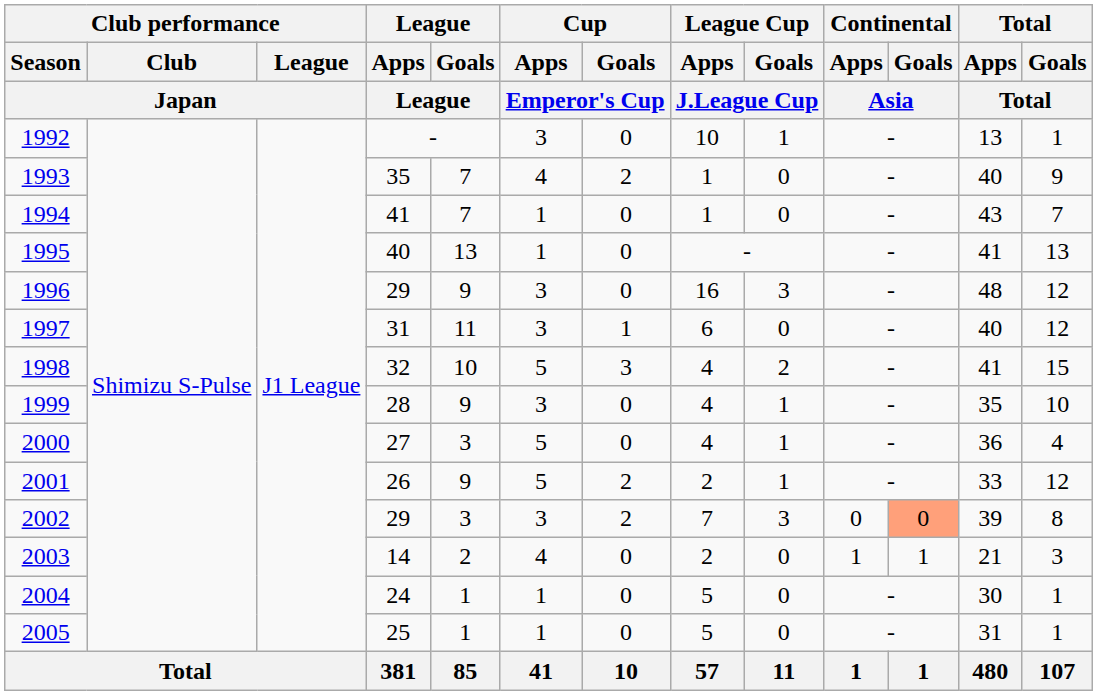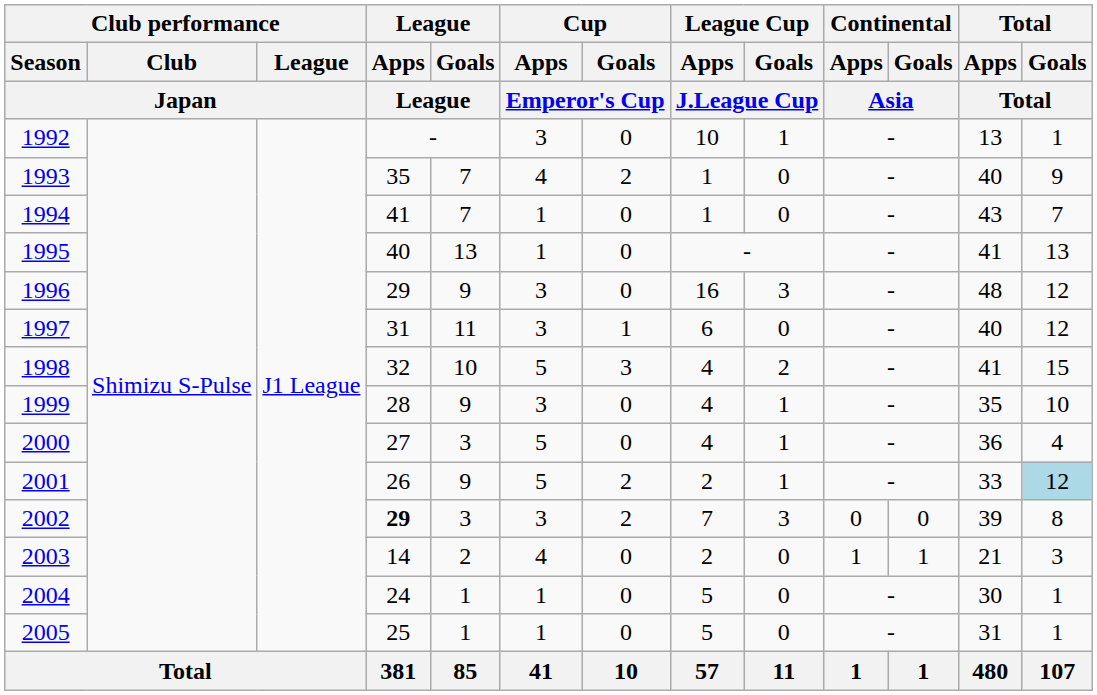 <table class="wikitable" style="text-align:center;">
 <tr>
 <th colspan=3>Club performance</th>
 <th colspan=2>League</th>
 <th colspan=2>Cup</th>
 <th colspan=2>League Cup</th>
 <th colspan=2>Continental</th>
 <th colspan=2>Total</th>
 </tr>
 <tr>
 <th>Season</th>
 <th>Club</th>
 <th>League</th>
 <th>Apps</th>
 <th>Goals</th>
 <th>Apps</th>
 <th>Goals</th>
 <th>Apps</th>
 <th>Goals</th>
 <th>Apps</th>
 <th>Goals</th>
 <th>Apps</th>
 <th>Goals</th>
 </tr>
 <tr>
 <th colspan=3>Japan</th>
 <th colspan=2>League</th>
 <th colspan=2><a href='#'>Emperor's Cup</a></th>
 <th colspan=2><a href='#'>J.League Cup</a></th>
 <th colspan=2><a href='#'>Asia</a></th>
 <th colspan=2>Total</th>
 </tr>
 <tr>
 <td><a href='#'>1992</a></td>
 <td rowspan="14"><a href='#'>Shimizu S-Pulse</a></td>
 <td rowspan="14"><a href='#'>J1 League</a></td>
 <td colspan="2">-</td>
 <td>3</td>
 <td>0</td>
 <td>10</td>
 <td>1</td>
 <td colspan="2">-</td>
 <td>13</td>
 <td>1</td>
 </tr>
 <tr>
 <td><a href='#'>1993</a></td>
 <td>35</td>
 <td>7</td>
 <td>4</td>
 <td>2</td>
 <td>1</td>
 <td>0</td>
 <td colspan="2">-</td>
 <td>40</td>
 <td>9</td>
 </tr>
 <tr>
 <td><a href='#'>1994</a></td>
 <td>41</td>
 <td>7</td>
 <td>1</td>
 <td>0</td>
 <td>1</td>
 <td>0</td>
 <td colspan="2">-</td>
 <td>43</td>
 <td>7</td>
 </tr>
 <tr>
 <td><a href='#'>1995</a></td>
 <td>40</td>
 <td>13</td>
 <td>1</td>
 <td>0</td>
 <td colspan="2">-</td>
 <td colspan="2">-</td>
 <td>41</td>
 <td>13</td>
 </tr>
 <tr>
 <td><a href='#'>1996</a></td>
 <td>29</td>
 <td>9</td>
 <td>3</td>
 <td>0</td>
 <td>16</td>
 <td>3</td>
 <td colspan="2">-</td>
 <td>48</td>
 <td>12</td>
 </tr>
 <tr>
 <td><a href='#'>1997</a></td>
 <td>31</td>
 <td>11</td>
 <td>3</td>
 <td>1</td>
 <td>6</td>
 <td>0</td>
 <td colspan="2">-</td>
 <td>40</td>
 <td>12</td>
 </tr>
 <tr>
 <td><a href='#'>1998</a></td>
 <td>32</td>
 <td>10</td>
 <td>5</td>
 <td>3</td>
 <td>4</td>
 <td>2</td>
 <td colspan="2">-</td>
 <td>41</td>
 <td>15</td>
 </tr>
 <tr>
 <td><a href='#'>1999</a></td>
 <td>28</td>
 <td>9</td>
 <td>3</td>
 <td>0</td>
 <td>4</td>
 <td>1</td>
 <td colspan="2">-</td>
 <td>35</td>
 <td>10</td>
 </tr>
 <tr>
 <td><a href='#'>2000</a></td>
 <td>27</td>
 <td>3</td>
 <td>5</td>
 <td>0</td>
 <td>4</td>
 <td>1</td>
 <td colspan="2">-</td>
 <td>36</td>
 <td>4</td>
 </tr>
 <tr>
 <td><a href='#'>2001</a></td>
 <td>26</td>
 <td>9</td>
 <td>5</td>
 <td>2</td>
 <td>2</td>
 <td>1</td>
 <td colspan="2">-</td>
 <td>33</td>
-<td>12</td>
+<td style="background: lightblue;">12</td>
 </tr>
 <tr>
 <td><a href='#'>2002</a></td>
-<td>29</td>
+<td><strong>29</strong></td>
 <td>3</td>
 <td>3</td>
 <td>2</td>
 <td>7</td>
 <td>3</td>
 <td>0</td>
-<td style="background: lightsalmon;">0</td>
+<td>0</td>
 <td>39</td>
 <td>8</td>
 </tr>
 <tr>
 <td><a href='#'>2003</a></td>
 <td>14</td>
 <td>2</td>
 <td>4</td>
 <td>0</td>
 <td>2</td>
 <td>0</td>
 <td>1</td>
 <td>1</td>
 <td>21</td>
 <td>3</td>
 </tr>
 <tr>
 <td><a href='#'>2004</a></td>
 <td>24</td>
 <td>1</td>
 <td>1</td>
 <td>0</td>
 <td>5</td>
 <td>0</td>
 <td colspan="2">-</td>
 <td>30</td>
 <td>1</td>
 </tr>
 <tr>
 <td><a href='#'>2005</a></td>
 <td>25</td>
 <td>1</td>
 <td>1</td>
 <td>0</td>
 <td>5</td>
 <td>0</td>
 <td colspan="2">-</td>
 <td>31</td>
 <td>1</td>
 </tr>
 <tr>
 <th colspan=3>Total</th>
 <th>381</th>
 <th>85</th>
 <th>41</th>
 <th>10</th>
 <th>57</th>
 <th>11</th>
 <th>1</th>
 <th>1</th>
 <th>480</th>
 <th>107</th>
 </tr>
 </table>
